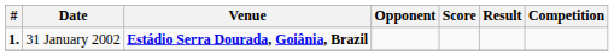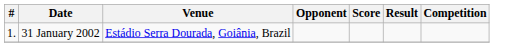 <table class="wikitable collapsed">
 <tr>
 <th>#</th>
 <th>Date</th>
 <th>Venue</th>
 <th>Opponent</th>
 <th>Score</th>
 <th>Result</th>
 <th>Competition</th>
 </tr>
 <tr>
-<td><strong>1.</strong></td>
+<td>1.</td>
 <td>31 January 2002</td>
-<td><strong><a href='#'>Estádio Serra Dourada</a>, <a href='#'>Goiânia</a>, Brazil</strong></td>
+<td><a href='#'>Estádio Serra Dourada</a>, <a href='#'>Goiânia</a>, Brazil</td>
 <td></td>
 <td></td>
 <td></td>
 <td></td>
 </tr>
 <tr>
 </tr>
 </table>
